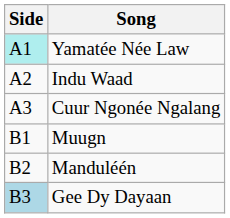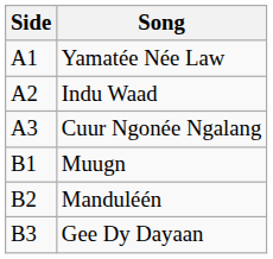 <table class="wikitable">
 <tr>
 <th>Side</th>
 <th>Song</th>
 </tr>
 <tr>
-<td style="background: paleturquoise;">A1</td>
+<td>A1</td>
 <td>Yamatée Née Law</td>
 </tr>
 <tr>
 <td>A2</td>
 <td>Indu Waad</td>
 </tr>
 <tr>
 <td>A3</td>
 <td>Cuur Ngonée Ngalang</td>
 </tr>
 <tr>
 <td>B1</td>
 <td>Muugn</td>
 </tr>
 <tr>
 <td>B2</td>
 <td>Manduléén</td>
 </tr>
 <tr>
-<td style="background: lightblue;">B3</td>
+<td>B3</td>
 <td>Gee Dy Dayaan</td>
 </tr>
 </table>
